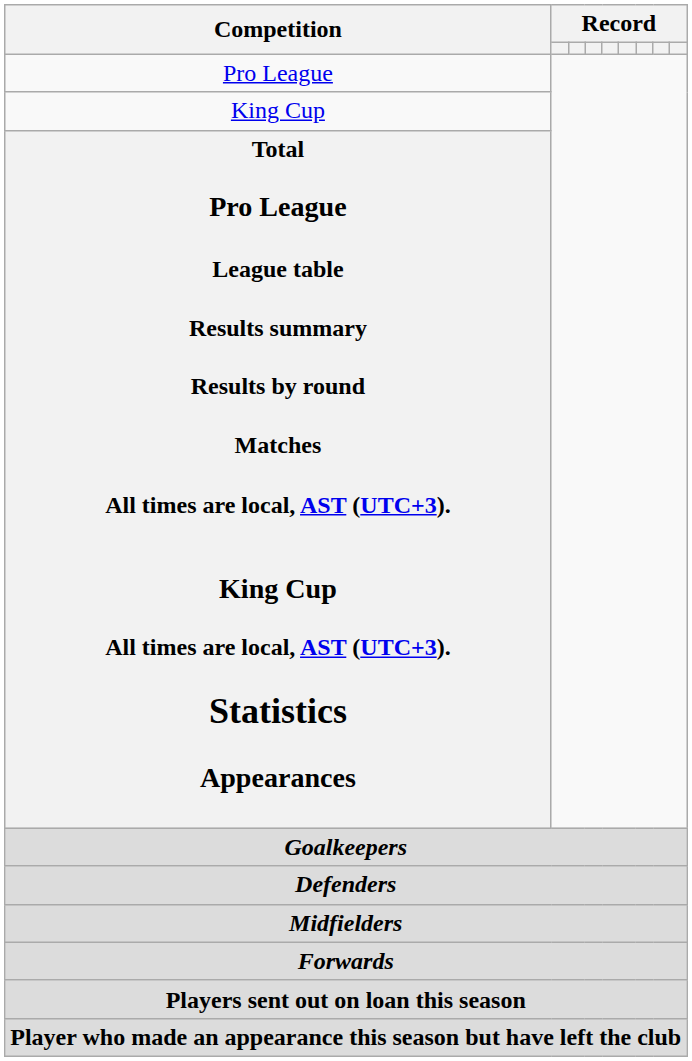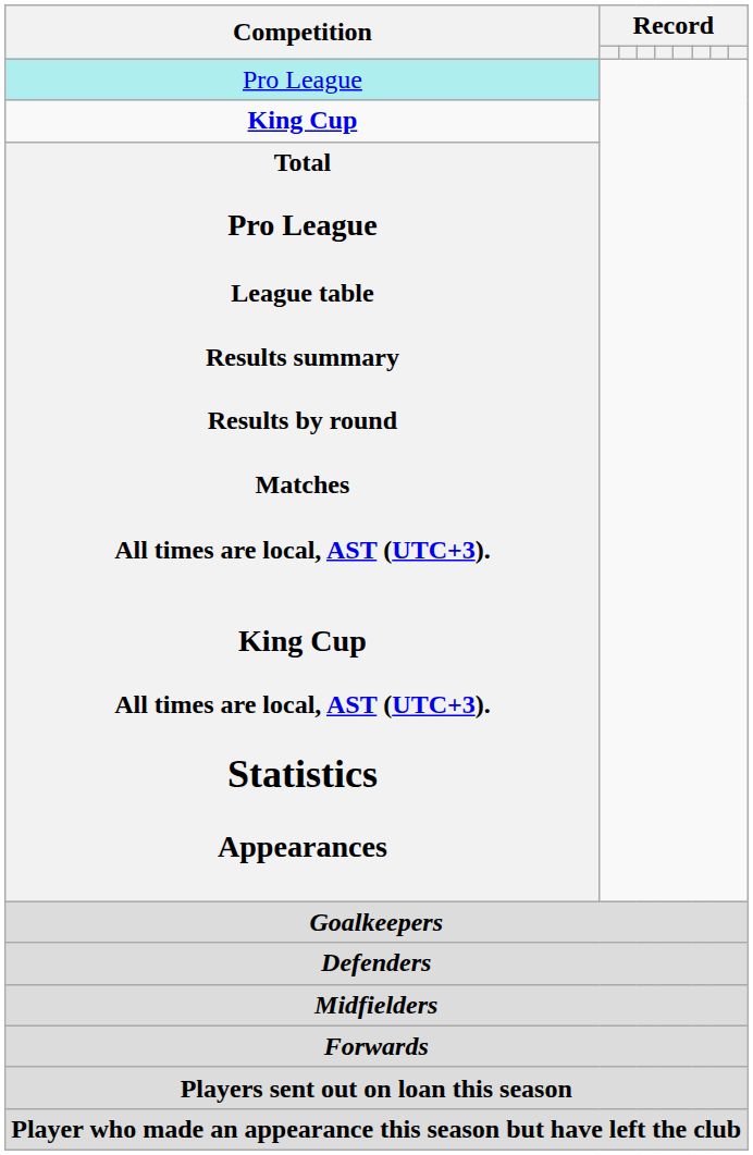 <table class="wikitable" style="text-align: center">
 <tr>
 <th rowspan=2>Competition</th>
 <th colspan=8>Record</th>
 </tr>
 <tr>
 <th></th>
 <th></th>
 <th></th>
 <th></th>
 <th></th>
 <th></th>
 <th></th>
 <th></th>
 </tr>
 <tr>
-<td><a href='#'>Pro League</a><br></td>
+<td style="background: paleturquoise;"><a href='#'>Pro League</a><br></td>
 </tr>
 <tr>
-<td><a href='#'>King Cup</a><br></td>
+<td><strong><a href='#'>King Cup</a><br></strong></td>
 </tr>
 <tr>
 <th>Total<br> <h3>Pro League</h3><h4>League table</h4><h4>Results summary</h4> <h4>Results by round</h4><h4>Matches</h4>All times are local, <a href='#'>AST</a> (<a href='#'>UTC+3</a>).<br>   <br>                             <h3>King Cup</h3> All times are local, <a href='#'>AST</a> (<a href='#'>UTC+3</a>).<br><h2>Statistics</h2><h3>Appearances</h3></th>
 </tr>
 <tr>
 <th colspan=10 style=background:#dcdcdc; text-align:center><em>Goalkeepers</em><br>   </th>
 </tr>
 <tr>
 <th colspan=10 style=background:#dcdcdc; text-align:center><em>Defenders</em><br>       </th>
 </tr>
 <tr>
 <th colspan=10 style=background:#dcdcdc; text-align:center><em>Midfielders</em><br>             </th>
 </tr>
 <tr>
 <th colspan=10 style=background:#dcdcdc; text-align:center><em>Forwards</em><br>   </th>
 </tr>
 <tr>
 <th colspan=14 style=background:#dcdcdc; text-align:center>Players sent out on loan this season<br>  </th>
 </tr>
 <tr>
 <th colspan=18 style=background:#dcdcdc; text-align:center>Player who made an appearance this season but have left the club<br>  </th>
 </tr>
 </table>
